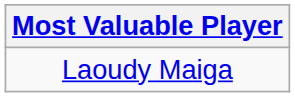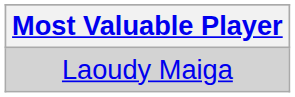 <table class=wikitable style="text-align:center; margin:auto">
 <tr>
 <th><a href='#'>Most Valuable Player</a></th>
 </tr>
 <tr>
-<td> <a href='#'>Laoudy Maiga</a></td>
+<td style="background: lightgrey;"> <a href='#'>Laoudy Maiga</a></td>
 </tr>
 </table>
